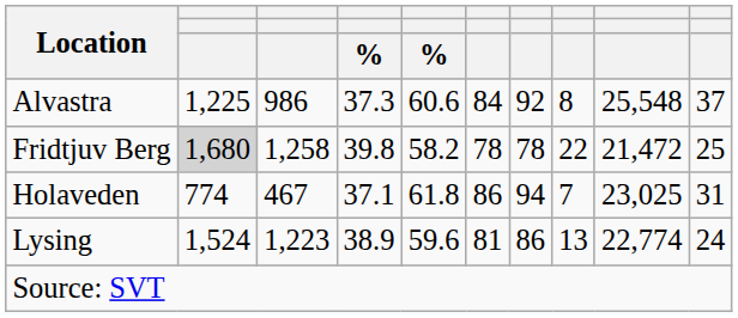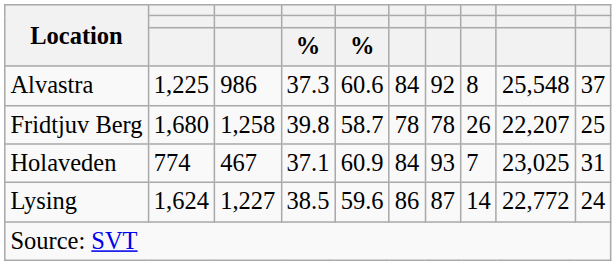 <table role="presentation" class="wikitable sortable mw-collapsible">
 <tr>
 <th rowspan="3">Location</th>
 <th></th>
 <th></th>
 <th></th>
 <th></th>
 <th></th>
 <th></th>
 <th></th>
 <th></th>
 <th></th>
 </tr>
 <tr>
 <th></th>
 <th></th>
 <th style="background:"></th>
 <th style="background:"></th>
 <th></th>
 <th></th>
 <th></th>
 <th></th>
 <th></th>
 </tr>
 <tr>
 <th data-sort-type="number"></th>
 <th data-sort-type="number"></th>
 <th data-sort-type="number">%</th>
 <th data-sort-type="number">%</th>
 <th data-sort-type="number"></th>
 <th data-sort-type="number"></th>
 <th data-sort-type="number"></th>
 <th data-sort-type="number"></th>
 <th data-sort-type="number"></th>
 </tr>
 <tr>
 <td align="left">Alvastra</td>
 <td>1,225</td>
 <td>986</td>
 <td>37.3</td>
 <td>60.6</td>
 <td>84</td>
 <td>92</td>
 <td>8</td>
 <td>25,548</td>
 <td>37</td>
 </tr>
 <tr>
 <td align="left">Fridtjuv Berg</td>
-<td style="background: lightgrey;">1,680</td>
+<td>1,680</td>
 <td>1,258</td>
 <td>39.8</td>
-<td>58.2</td>
+<td>58.7</td>
 <td>78</td>
 <td>78</td>
-<td>22</td>
-<td>21,472</td>
+<td>26</td>
+<td>22,207</td>
 <td>25</td>
 </tr>
 <tr>
 <td align="left">Holaveden</td>
 <td>774</td>
 <td>467</td>
 <td>37.1</td>
-<td>61.8</td>
-<td>86</td>
-<td>94</td>
+<td>60.9</td>
+<td>84</td>
+<td>93</td>
 <td>7</td>
 <td>23,025</td>
 <td>31</td>
 </tr>
 <tr>
 <td align="left">Lysing</td>
-<td>1,524</td>
-<td>1,223</td>
-<td>38.9</td>
+<td>1,624</td>
+<td>1,227</td>
+<td>38.5</td>
 <td>59.6</td>
-<td>81</td>
 <td>86</td>
-<td>13</td>
-<td>22,774</td>
+<td>87</td>
+<td>14</td>
+<td>22,772</td>
 <td>24</td>
 </tr>
 <tr>
 <td colspan="10" align="left">Source: <a href='#'>SVT</a></td>
 </tr>
 </table>
